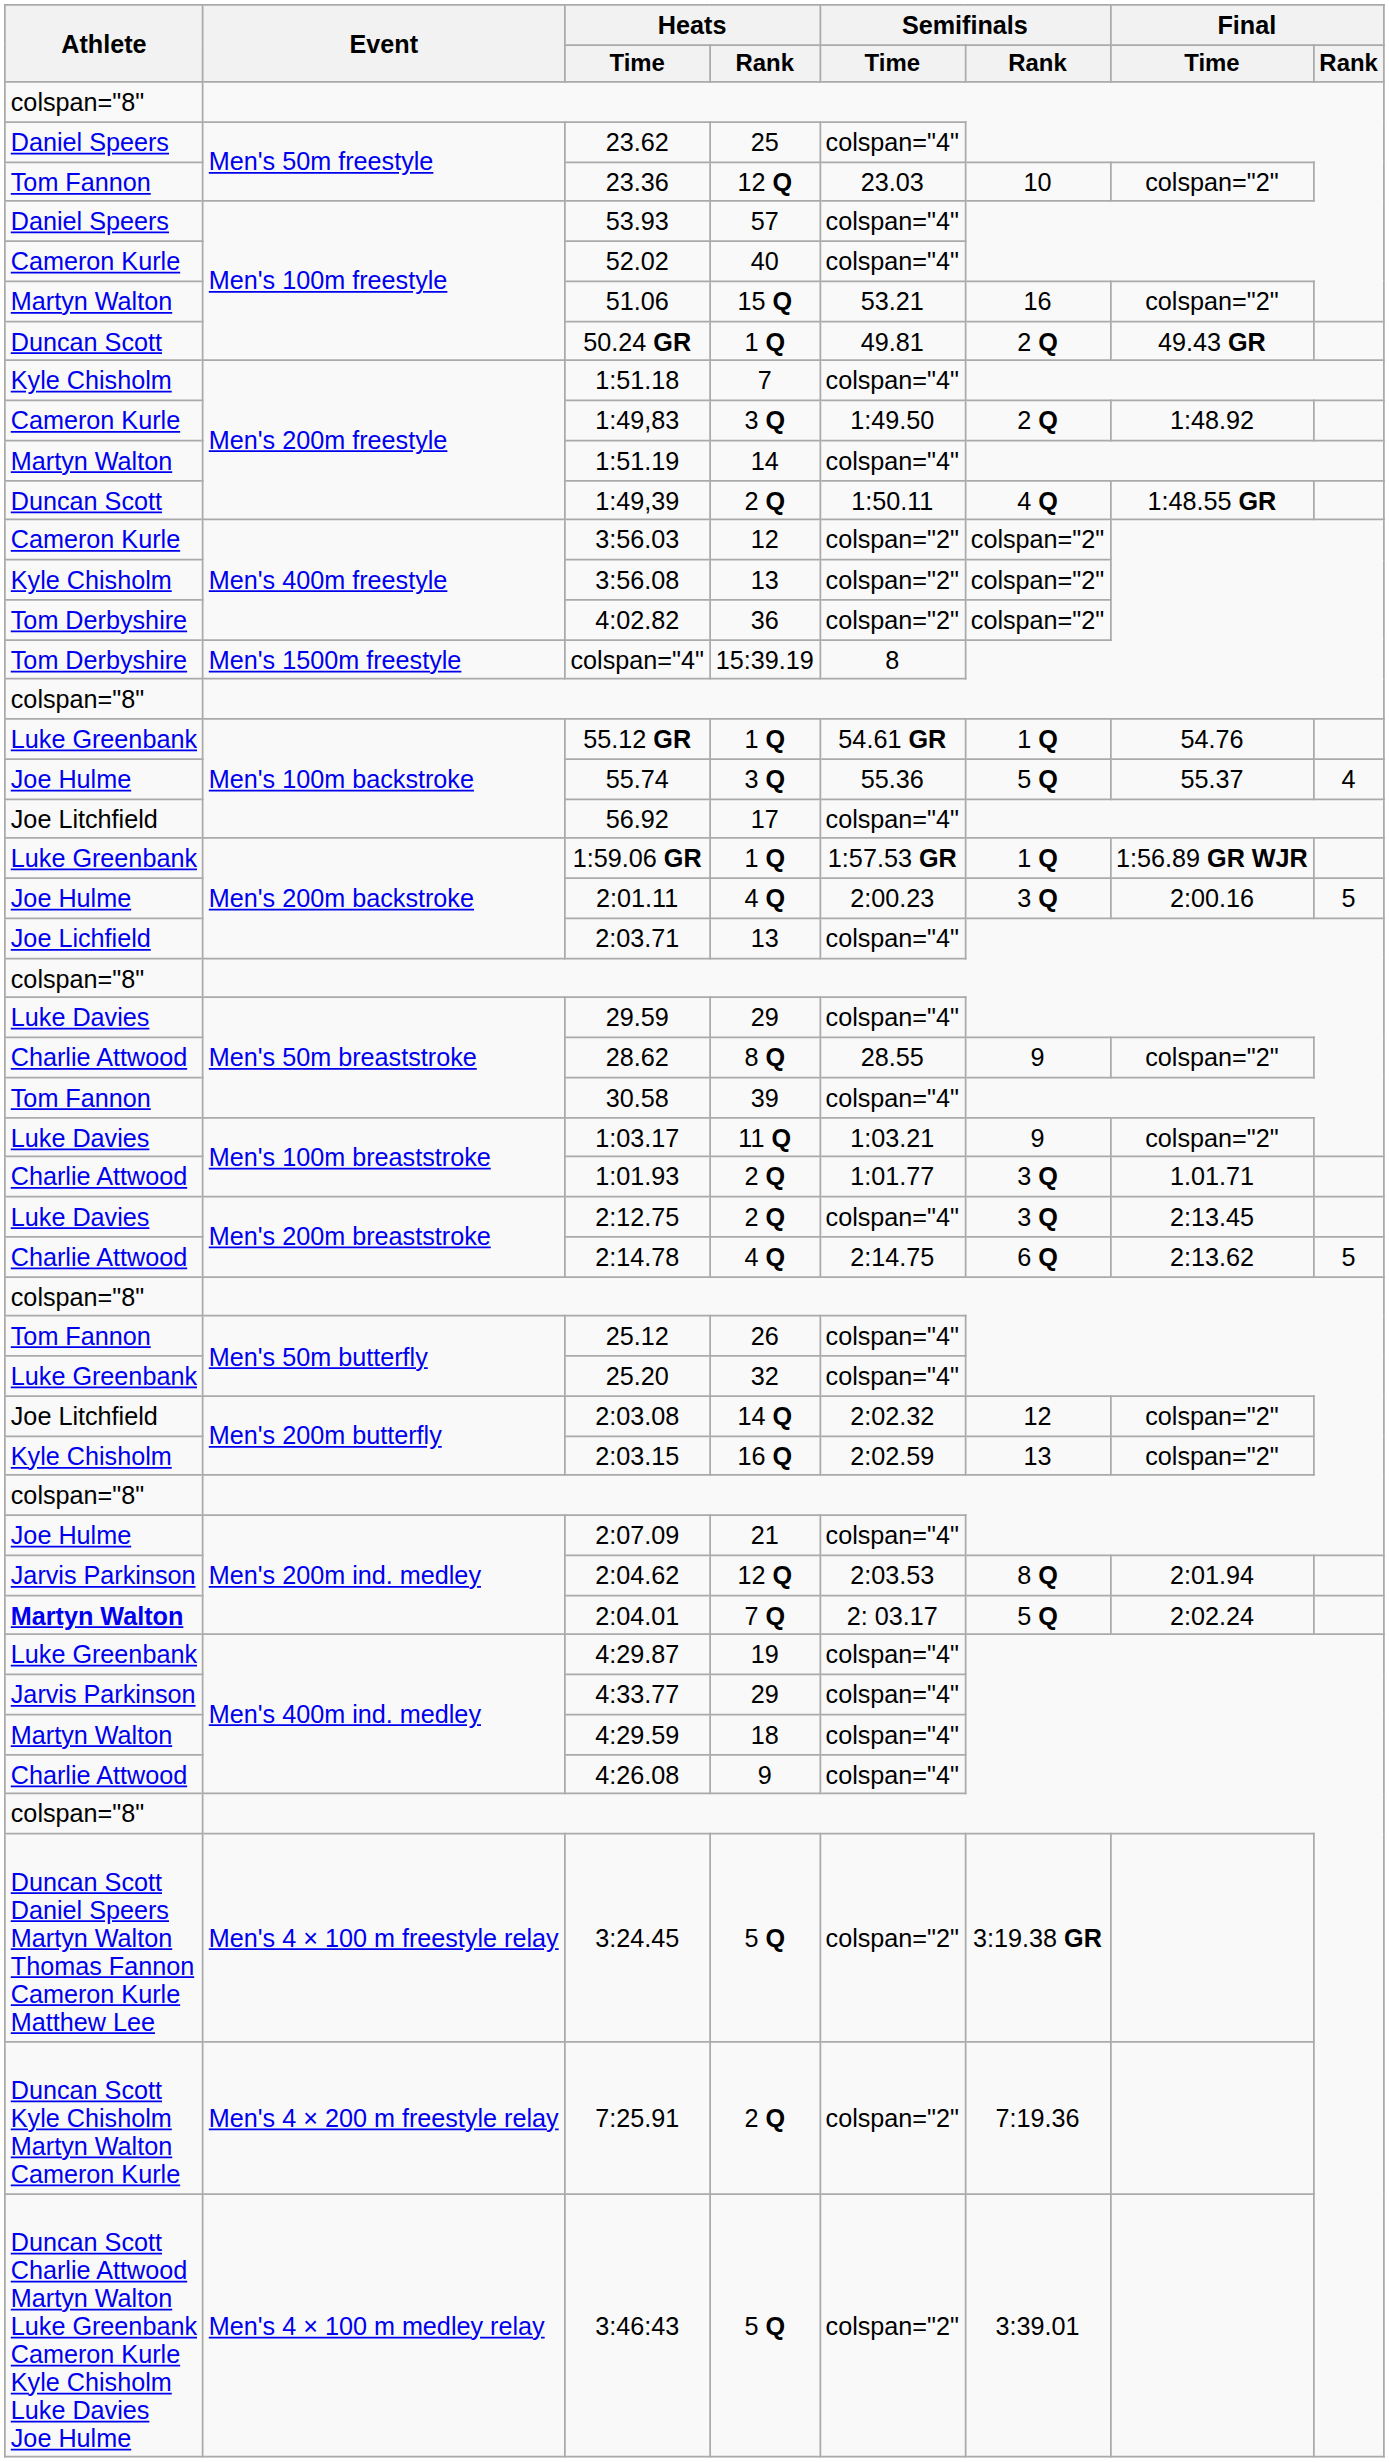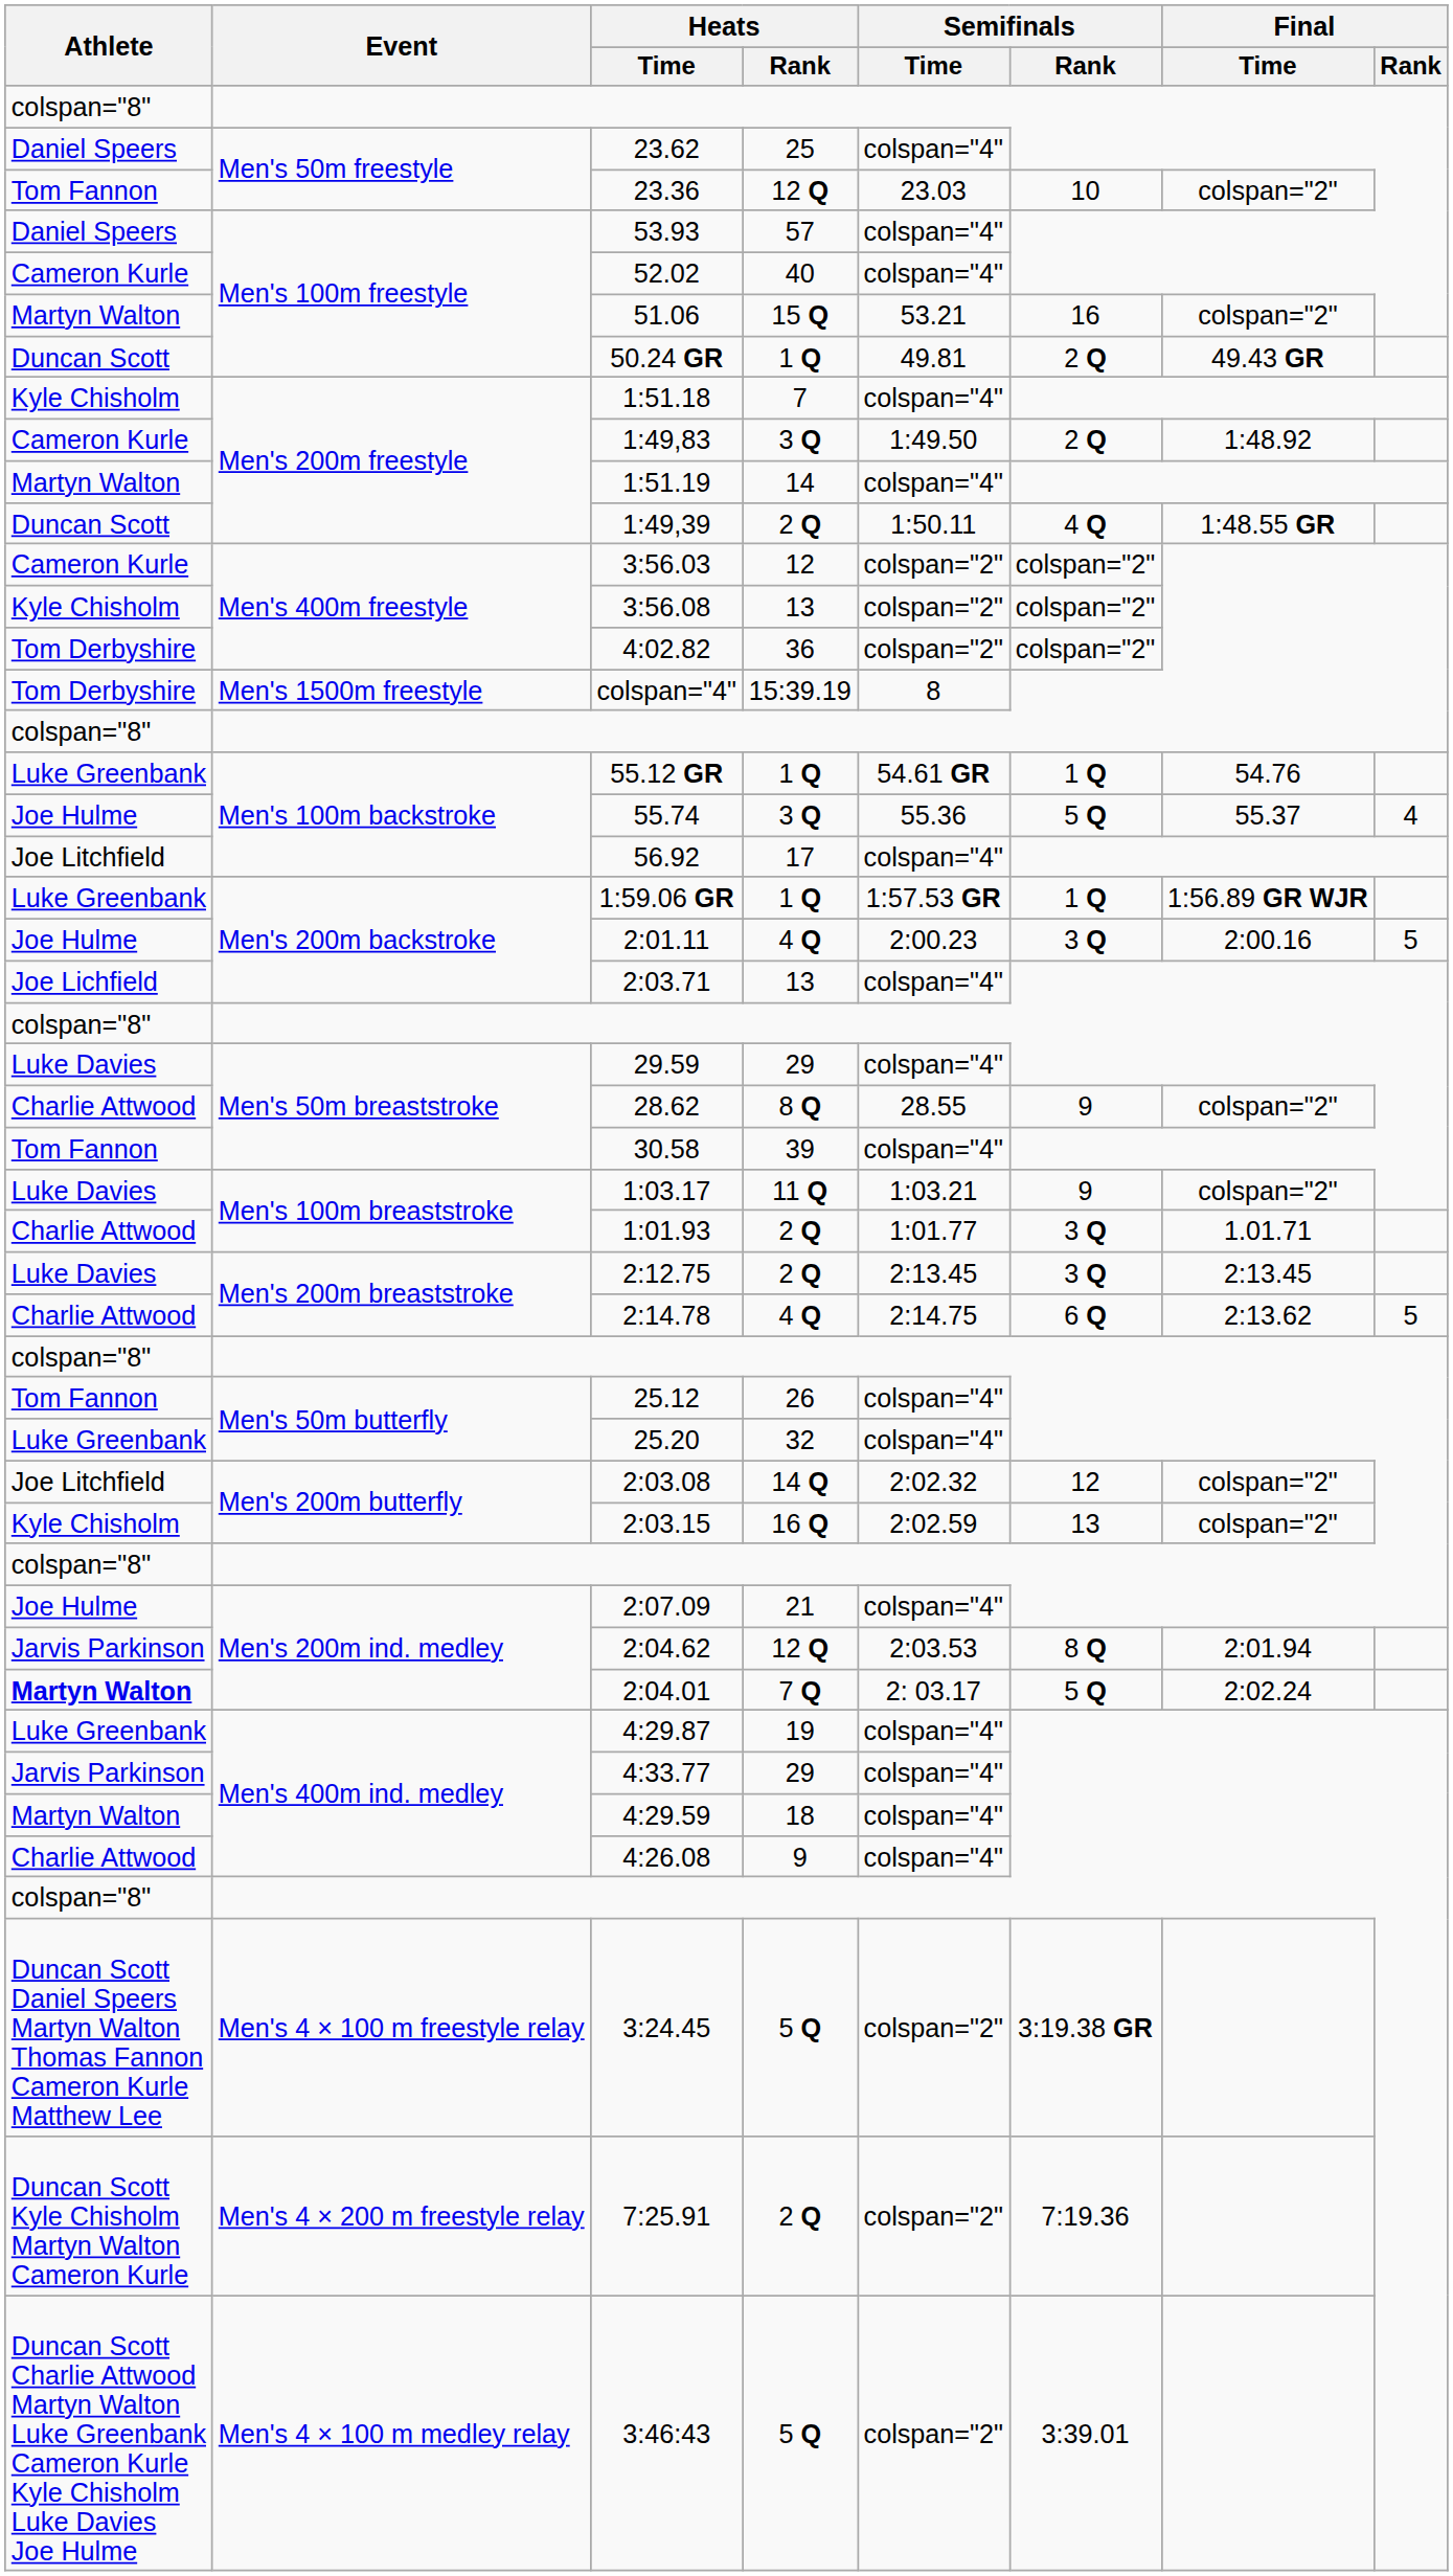 <table class="wikitable" style="font-size:90%">
 <tr>
 <th rowspan=2>Athlete</th>
 <th rowspan=2>Event</th>
 <th colspan=2>Heats</th>
 <th colspan=2>Semifinals</th>
 <th colspan=2>Final</th>
 </tr>
 <tr style="font-size:95%">
 <th>Time</th>
 <th>Rank</th>
 <th>Time</th>
 <th>Rank</th>
 <th>Time</th>
 <th>Rank</th>
 </tr>
 <tr align="left">
 <td>colspan="8" </td>
 </tr>
 <tr align=center>
 <td align=left><a href='#'>Daniel Speers</a></td>
 <td rowspan="2" align=left><a href='#'>Men's 50m freestyle</a></td>
 <td>23.62</td>
 <td>25</td>
 <td>colspan="4" </td>
 </tr>
 <tr align=center>
 <td align=left><a href='#'>Tom Fannon</a></td>
 <td>23.36</td>
 <td>12 <strong>Q</strong></td>
 <td>23.03</td>
 <td>10</td>
 <td>colspan="2" </td>
 </tr>
 <tr align=center>
 <td align=left><a href='#'>Daniel Speers</a></td>
 <td rowspan="4" align=left><a href='#'>Men's 100m freestyle</a></td>
 <td>53.93</td>
 <td>57</td>
 <td>colspan="4" </td>
 </tr>
 <tr align=center>
 <td align=left><a href='#'>Cameron Kurle</a></td>
 <td>52.02</td>
 <td>40</td>
 <td>colspan="4" </td>
 </tr>
 <tr align=center>
 <td align=left><a href='#'>Martyn Walton</a></td>
 <td>51.06</td>
 <td>15 <strong>Q</strong></td>
 <td>53.21</td>
 <td>16</td>
 <td>colspan="2" </td>
 </tr>
 <tr align=center>
 <td align=left><a href='#'>Duncan Scott</a></td>
 <td>50.24 <strong>GR</strong></td>
 <td>1 <strong>Q</strong></td>
 <td>49.81</td>
 <td>2 <strong>Q</strong></td>
 <td>49.43 <strong>GR</strong></td>
 <td></td>
 </tr>
 <tr align=center>
 <td align=left><a href='#'>Kyle Chisholm</a></td>
 <td rowspan="4" align=left><a href='#'>Men's 200m freestyle</a></td>
 <td>1:51.18</td>
 <td>7</td>
 <td>colspan="4" </td>
 </tr>
 <tr align=center>
 <td align=left><a href='#'>Cameron Kurle</a></td>
 <td>1:49,83</td>
 <td>3 <strong>Q</strong></td>
 <td>1:49.50</td>
 <td>2 <strong>Q</strong></td>
 <td>1:48.92</td>
 <td></td>
 </tr>
 <tr align=center>
 <td align=left><a href='#'>Martyn Walton</a></td>
 <td>1:51.19</td>
 <td>14</td>
 <td>colspan="4" </td>
 </tr>
 <tr align=center>
 <td align=left><a href='#'>Duncan Scott</a></td>
 <td>1:49,39</td>
 <td>2 <strong>Q</strong></td>
 <td>1:50.11</td>
 <td>4 <strong>Q</strong></td>
 <td>1:48.55 <strong>GR</strong></td>
 <td></td>
 </tr>
 <tr align=center>
 <td align=left><a href='#'>Cameron Kurle</a></td>
 <td rowspan="3" align=left><a href='#'>Men's 400m freestyle</a></td>
 <td>3:56.03</td>
 <td>12</td>
 <td>colspan="2" </td>
 <td>colspan="2" </td>
 </tr>
 <tr align=center>
 <td align=left><a href='#'>Kyle Chisholm</a></td>
 <td>3:56.08</td>
 <td>13</td>
 <td>colspan="2" </td>
 <td>colspan="2" </td>
 </tr>
 <tr align=center>
 <td align=left><a href='#'>Tom Derbyshire</a></td>
 <td>4:02.82</td>
 <td>36</td>
 <td>colspan="2" </td>
 <td>colspan="2" </td>
 </tr>
 <tr align=center>
 <td align=left><a href='#'>Tom Derbyshire</a></td>
 <td align=left><a href='#'>Men's 1500m freestyle</a></td>
 <td>colspan="4" </td>
 <td>15:39.19</td>
 <td>8</td>
 </tr>
 <tr align="left">
 <td>colspan="8" </td>
 </tr>
 <tr align=center>
 <td align=left><a href='#'>Luke Greenbank</a></td>
 <td rowspan="3" align=left><a href='#'>Men's 100m backstroke</a></td>
 <td>55.12 <strong>GR</strong></td>
 <td>1 <strong>Q</strong></td>
 <td>54.61 <strong>GR</strong></td>
 <td>1 <strong>Q</strong></td>
 <td>54.76</td>
 <td></td>
 </tr>
 <tr align=center>
 <td align=left><a href='#'>Joe Hulme</a></td>
 <td>55.74</td>
 <td>3 <strong>Q</strong></td>
 <td>55.36</td>
 <td>5 <strong>Q</strong></td>
 <td>55.37</td>
 <td>4</td>
 </tr>
 <tr align=center>
 <td align=left>Joe Litchfield</td>
 <td>56.92</td>
 <td>17</td>
 <td>colspan="4" </td>
 </tr>
 <tr align=center>
 <td align=left><a href='#'>Luke Greenbank</a></td>
 <td rowspan="3" align=left><a href='#'>Men's 200m backstroke</a></td>
 <td>1:59.06 <strong>GR</strong></td>
 <td>1 <strong>Q</strong></td>
 <td>1:57.53 <strong>GR</strong></td>
 <td>1 <strong>Q</strong></td>
 <td>1:56.89 <strong>GR WJR</strong></td>
 <td></td>
 </tr>
 <tr align=center>
 <td align=left><a href='#'>Joe Hulme</a></td>
 <td>2:01.11</td>
 <td>4 <strong>Q</strong></td>
 <td>2:00.23</td>
 <td>3 <strong>Q</strong></td>
 <td>2:00.16</td>
 <td>5</td>
 </tr>
 <tr align=center>
 <td align=left><a href='#'>Joe Lichfield</a></td>
 <td>2:03.71</td>
 <td>13</td>
 <td>colspan="4" </td>
 </tr>
 <tr align="left">
 <td>colspan="8" </td>
 </tr>
 <tr align=center>
 <td align=left><a href='#'>Luke Davies</a></td>
 <td rowspan="3" align=left><a href='#'>Men's 50m breaststroke</a></td>
 <td>29.59</td>
 <td>29</td>
 <td>colspan="4" </td>
 </tr>
 <tr align=center>
 <td align=left><a href='#'>Charlie Attwood</a></td>
 <td>28.62</td>
 <td>8 <strong>Q</strong></td>
 <td>28.55</td>
 <td>9</td>
 <td>colspan="2" </td>
 </tr>
 <tr align=center>
 <td align=left><a href='#'>Tom Fannon</a></td>
 <td>30.58</td>
 <td>39</td>
 <td>colspan="4" </td>
 </tr>
 <tr align=center>
 <td align=left><a href='#'>Luke Davies</a></td>
 <td rowspan="2" align=left><a href='#'>Men's 100m breaststroke</a></td>
 <td>1:03.17</td>
 <td>11 <strong>Q</strong></td>
 <td>1:03.21</td>
 <td>9</td>
 <td>colspan="2" </td>
 </tr>
 <tr align=center>
 <td align=left><a href='#'>Charlie Attwood</a></td>
 <td>1:01.93</td>
 <td>2 <strong>Q</strong></td>
 <td>1:01.77</td>
 <td>3 <strong>Q</strong></td>
 <td>1.01.71</td>
 <td></td>
 </tr>
 <tr align=center>
 <td align=left><a href='#'>Luke Davies</a></td>
 <td rowspan="2" align=left><a href='#'>Men's 200m breaststroke</a></td>
 <td>2:12.75</td>
 <td>2 <strong>Q</strong></td>
-<td>colspan="4" </td>
+<td>2:13.45</td>
 <td>3 <strong>Q</strong></td>
 <td>2:13.45</td>
 <td></td>
 </tr>
 <tr align=center>
 <td align=left><a href='#'>Charlie Attwood</a></td>
 <td>2:14.78</td>
 <td>4 <strong>Q</strong></td>
 <td>2:14.75</td>
 <td>6 <strong>Q</strong></td>
 <td>2:13.62</td>
 <td>5</td>
 </tr>
 <tr align="left">
 <td>colspan="8" </td>
 </tr>
 <tr align=center>
 <td align=left><a href='#'>Tom Fannon</a></td>
 <td rowspan="2" align=left><a href='#'>Men's 50m butterfly</a></td>
 <td>25.12</td>
 <td>26</td>
 <td>colspan="4" </td>
 </tr>
 <tr align=center>
 <td align=left><a href='#'>Luke Greenbank</a></td>
 <td>25.20</td>
 <td>32</td>
 <td>colspan="4" </td>
 </tr>
 <tr align=center>
 <td align=left>Joe Litchfield</td>
 <td rowspan="2" align=left><a href='#'>Men's 200m butterfly</a></td>
 <td>2:03.08</td>
 <td>14 <strong>Q</strong></td>
 <td>2:02.32</td>
 <td>12</td>
 <td>colspan="2" </td>
 </tr>
 <tr align=center>
 <td align=left><a href='#'>Kyle Chisholm</a></td>
 <td>2:03.15</td>
 <td>16 <strong>Q</strong></td>
 <td>2:02.59</td>
 <td>13</td>
 <td>colspan="2" </td>
 </tr>
 <tr align="left">
 <td>colspan="8" </td>
 </tr>
 <tr align=center>
 <td align=left><a href='#'>Joe Hulme</a></td>
 <td rowspan="3" align=left><a href='#'>Men's 200m ind. medley</a></td>
 <td>2:07.09</td>
 <td>21</td>
 <td>colspan="4" </td>
 </tr>
 <tr align=center>
 <td align=left><a href='#'>Jarvis Parkinson</a></td>
 <td>2:04.62</td>
 <td>12 <strong>Q</strong></td>
 <td>2:03.53</td>
 <td>8 <strong>Q</strong></td>
 <td>2:01.94</td>
 <td></td>
 </tr>
 <tr align=center>
 <td align=left><strong><a href='#'>Martyn Walton</a></strong></td>
 <td>2:04.01</td>
 <td>7 <strong>Q</strong></td>
 <td>2: 03.17</td>
 <td>5 <strong>Q</strong></td>
 <td>2:02.24</td>
 <td></td>
 </tr>
 <tr align=center>
 <td align=left><a href='#'>Luke Greenbank</a></td>
 <td rowspan="4" align=left><a href='#'>Men's 400m ind. medley</a></td>
 <td>4:29.87</td>
 <td>19</td>
 <td>colspan="4" </td>
 </tr>
 <tr align=center>
 <td align=left><a href='#'>Jarvis Parkinson</a></td>
 <td>4:33.77</td>
 <td>29</td>
 <td>colspan="4" </td>
 </tr>
 <tr align=center>
 <td align=left><a href='#'>Martyn Walton</a></td>
 <td>4:29.59</td>
 <td>18</td>
 <td>colspan="4" </td>
 </tr>
 <tr align=center>
 <td align=left><a href='#'>Charlie Attwood</a></td>
 <td>4:26.08</td>
 <td>9</td>
 <td>colspan="4" </td>
 </tr>
 <tr align="left">
 <td>colspan="8" </td>
 </tr>
 <tr align=center>
 <td align=left> <br> <a href='#'>Duncan Scott</a><br><a href='#'>Daniel Speers</a><br><a href='#'>Martyn Walton</a><br><a href='#'>Thomas Fannon</a><br><a href='#'>Cameron Kurle</a><br><a href='#'>Matthew Lee</a></td>
 <td align=left><a href='#'>Men's 4 × 100 m freestyle relay</a></td>
 <td>3:24.45</td>
 <td>5 <strong>Q</strong></td>
 <td>colspan="2" </td>
 <td>3:19.38 <strong>GR</strong></td>
 <td></td>
 </tr>
 <tr align=center>
 <td align=left> <br> <a href='#'>Duncan Scott</a><br><a href='#'>Kyle Chisholm</a><br><a href='#'>Martyn Walton</a><br><a href='#'>Cameron Kurle</a></td>
 <td align=left><a href='#'>Men's 4 × 200 m freestyle relay</a></td>
 <td>7:25.91</td>
 <td>2 <strong>Q</strong></td>
 <td>colspan="2" </td>
 <td>7:19.36</td>
 <td></td>
 </tr>
 <tr align=center>
 <td align=left> <br> <a href='#'>Duncan Scott</a><br><a href='#'>Charlie Attwood</a><br><a href='#'>Martyn Walton</a><br><a href='#'>Luke Greenbank</a><br><a href='#'>Cameron Kurle</a><br><a href='#'>Kyle Chisholm</a><br><a href='#'>Luke Davies</a><br><a href='#'>Joe Hulme</a></td>
 <td align=left><a href='#'>Men's 4 × 100 m medley relay</a></td>
 <td>3:46:43</td>
 <td>5 <strong>Q</strong></td>
 <td>colspan="2" </td>
 <td>3:39.01</td>
 <td></td>
 </tr>
 </table>
